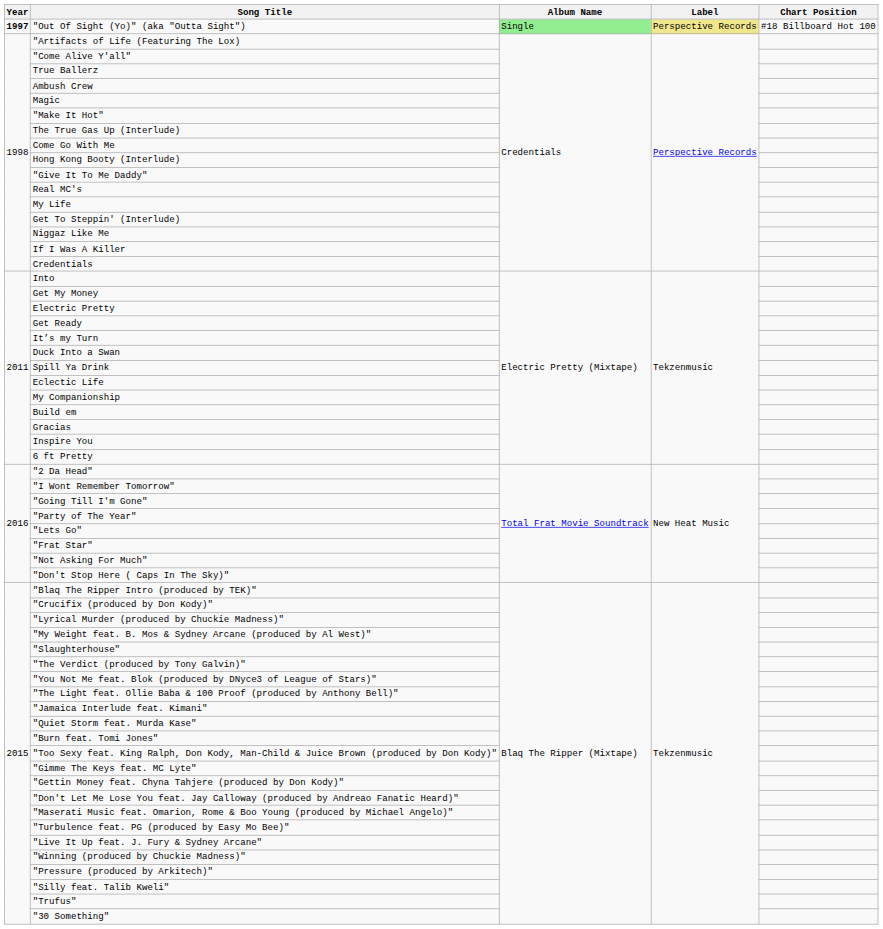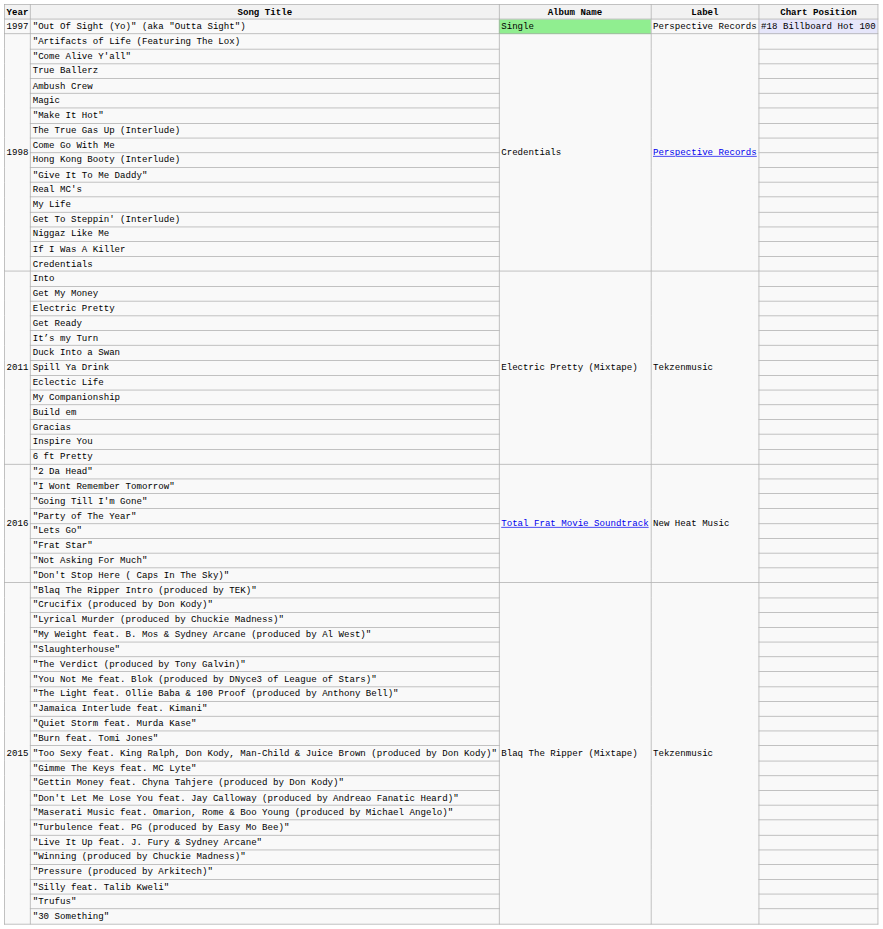 <table class="wikitable">
 <tr>
 <th>Year</th>
 <th>Song Title</th>
 <th>Album Name</th>
 <th>Label</th>
 <th>Chart Position</th>
 </tr>
 <tr>
-<td><strong>1997</strong></td>
+<td>1997</td>
 <td>"Out Of Sight (Yo)" (aka "Outta Sight")</td>
 <td style="background: lightgreen;">Single</td>
-<td style="background: khaki;">Perspective Records</td>
-<td>#18 Billboard Hot 100</td>
+<td>Perspective Records</td>
+<td style="background: lavender;">#18 Billboard Hot 100</td>
 </tr>
 <tr>
 <td rowspan="16">1998</td>
 <td>"Artifacts of Life (Featuring The Lox)</td>
 <td rowspan="16">Credentials</td>
 <td rowspan="16"><a href='#'>Perspective Records</a></td>
 <td></td>
 </tr>
 <tr>
 <td>"Come Alive Y'all"</td>
 <td></td>
 </tr>
 <tr>
 <td>True Ballerz</td>
 <td></td>
 </tr>
 <tr>
 <td>Ambush Crew</td>
 <td></td>
 </tr>
 <tr>
 <td>Magic</td>
 <td></td>
 </tr>
 <tr>
 <td>"Make It Hot"</td>
 <td></td>
 </tr>
 <tr>
 <td>The True Gas Up (Interlude)</td>
 <td></td>
 </tr>
 <tr>
 <td>Come Go With Me</td>
 <td></td>
 </tr>
 <tr>
 <td>Hong Kong Booty (Interlude)</td>
 <td></td>
 </tr>
 <tr>
 <td>"Give It To Me Daddy"</td>
 <td></td>
 </tr>
 <tr>
 <td>Real MC's</td>
 <td></td>
 </tr>
 <tr>
 <td>My Life</td>
 <td></td>
 </tr>
 <tr>
 <td>Get To Steppin' (Interlude)</td>
 <td></td>
 </tr>
 <tr>
 <td>Niggaz Like Me</td>
 <td></td>
 </tr>
 <tr>
 <td>If I Was A Killer</td>
 <td></td>
 </tr>
 <tr>
 <td>Credentials</td>
 <td></td>
 </tr>
 <tr>
 <td rowspan="13">2011</td>
 <td>Into</td>
 <td rowspan="13">Electric Pretty (Mixtape)</td>
 <td rowspan="13">Tekzenmusic</td>
 <td></td>
 </tr>
 <tr>
 <td>Get My Money</td>
 <td></td>
 </tr>
 <tr>
 <td>Electric Pretty</td>
 <td></td>
 </tr>
 <tr>
 <td>Get Ready</td>
 <td></td>
 </tr>
 <tr>
 <td>It’s my Turn</td>
 <td></td>
 </tr>
 <tr>
 <td>Duck Into a Swan</td>
 <td></td>
 </tr>
 <tr>
 <td>Spill Ya Drink</td>
 <td></td>
 </tr>
 <tr>
 <td>Eclectic Life</td>
 <td></td>
 </tr>
 <tr>
 <td>My Companionship</td>
 <td></td>
 </tr>
 <tr>
 <td>Build em</td>
 <td></td>
 </tr>
 <tr>
 <td>Gracias</td>
 <td></td>
 </tr>
 <tr>
 <td>Inspire You</td>
 <td></td>
 </tr>
 <tr>
 <td>6 ft Pretty</td>
 <td></td>
 </tr>
 <tr>
 <td rowspan="8">2016</td>
 <td>"2 Da Head"</td>
 <td rowspan="8"><a href='#'>Total Frat Movie Soundtrack</a></td>
 <td rowspan="8">New Heat Music</td>
 <td></td>
 </tr>
 <tr>
 <td>"I Wont Remember Tomorrow"</td>
 <td></td>
 </tr>
 <tr>
 <td>"Going Till I'm Gone"</td>
 <td></td>
 </tr>
 <tr>
 <td>"Party of The Year"</td>
 <td></td>
 </tr>
 <tr>
 <td>"Lets Go"</td>
 <td></td>
 </tr>
 <tr>
 <td>"Frat Star"</td>
 <td></td>
 </tr>
 <tr>
 <td>"Not Asking For Much"</td>
 <td></td>
 </tr>
 <tr>
 <td>"Don't Stop Here ( Caps In The Sky)"</td>
 <td></td>
 </tr>
 <tr>
 <td rowspan="23">2015</td>
 <td>"Blaq The Ripper Intro (produced by TEK)"</td>
 <td rowspan="23">Blaq The Ripper (Mixtape)</td>
 <td rowspan="23">Tekzenmusic</td>
 <td></td>
 </tr>
 <tr>
 <td>"Crucifix (produced by Don Kody)"</td>
 <td></td>
 </tr>
 <tr>
 <td>"Lyrical Murder (produced by Chuckie Madness)"</td>
 <td></td>
 </tr>
 <tr>
 <td>"My Weight feat. B. Mos & Sydney Arcane (produced by Al West)"</td>
 <td></td>
 </tr>
 <tr>
 <td>"Slaughterhouse"</td>
 <td></td>
 </tr>
 <tr>
 <td>"The Verdict (produced by Tony Galvin)"</td>
 <td></td>
 </tr>
 <tr>
 <td>"You Not Me feat. Blok (produced by DNyce3 of League of Stars)"</td>
 <td></td>
 </tr>
 <tr>
 <td>"The Light feat. Ollie Baba & 100 Proof (produced by Anthony Bell)"</td>
 <td></td>
 </tr>
 <tr>
 <td>"Jamaica Interlude feat. Kimani"</td>
 <td></td>
 </tr>
 <tr>
 <td>"Quiet Storm feat. Murda Kase"</td>
 <td></td>
 </tr>
 <tr>
 <td>"Burn feat. Tomi Jones"</td>
 <td></td>
 </tr>
 <tr>
 <td>"Too Sexy feat. King Ralph, Don Kody, Man-Child & Juice Brown (produced by Don Kody)"</td>
 <td></td>
 </tr>
 <tr>
 <td>"Gimme The Keys feat. MC Lyte"</td>
 <td></td>
 </tr>
 <tr>
 <td>"Gettin Money feat. Chyna Tahjere (produced by Don Kody)"</td>
 <td></td>
 </tr>
 <tr>
 <td>"Don't Let Me Lose You feat. Jay Calloway (produced by Andreao Fanatic Heard)"</td>
 <td></td>
 </tr>
 <tr>
 <td>"Maserati Music feat. Omarion, Rome & Boo Young (produced by Michael Angelo)"</td>
 <td></td>
 </tr>
 <tr>
 <td>"Turbulence feat. PG (produced by Easy Mo Bee)"</td>
 <td></td>
 </tr>
 <tr>
 <td>"Live It Up feat. J. Fury & Sydney Arcane"</td>
 <td></td>
 </tr>
 <tr>
 <td>"Winning (produced by Chuckie Madness)"</td>
 <td></td>
 </tr>
 <tr>
 <td>"Pressure (produced by Arkitech)"</td>
 <td></td>
 </tr>
 <tr>
 <td>"Silly feat. Talib Kweli"</td>
 <td></td>
 </tr>
 <tr>
 <td>"Trufus"</td>
 <td></td>
 </tr>
 <tr>
 <td>"30 Something"</td>
 <td></td>
 </tr>
 </table>
